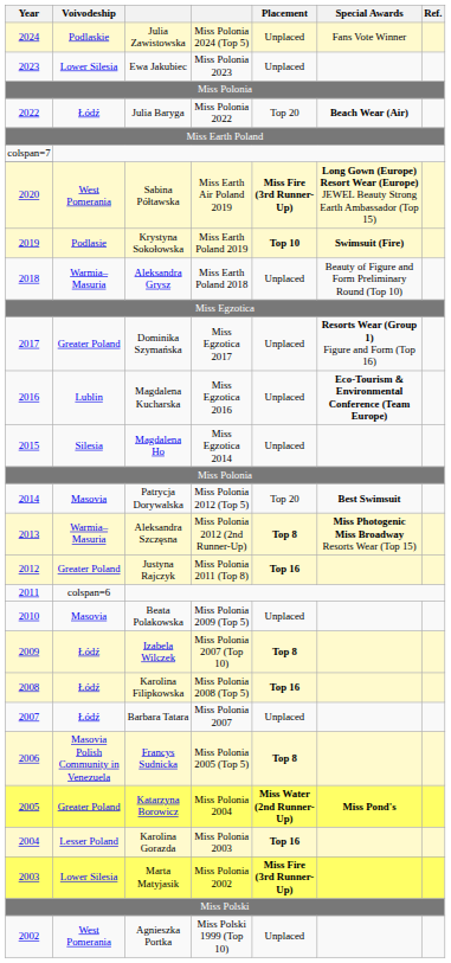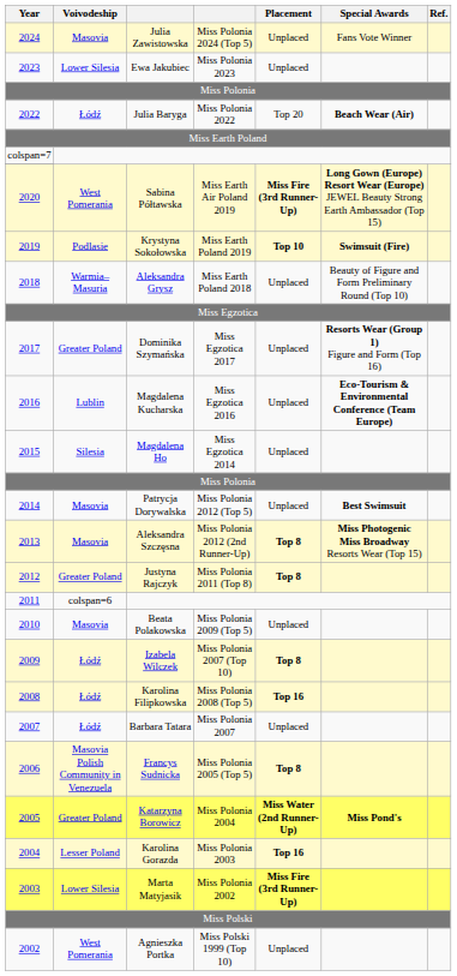 <table class="wikitable " style="font-size: 90%; text-align:center;">
 <tr>
 <th>Year</th>
 <th>Voivodeship</th>
 <th></th>
 <th></th>
 <th>Placement</th>
 <th>Special Awards</th>
 <th>Ref.</th>
 </tr>
 <tr style="background-color:#FFFACD;">
 <td><a href='#'>2024</a></td>
-<td><a href='#'>Podlaskie</a></td>
+<td><a href='#'>Masovia</a></td>
 <td>Julia Zawistowska</td>
 <td>Miss Polonia 2024 (Top 5)</td>
 <td>Unplaced</td>
 <td>Fans Vote Winner</td>
 <td></td>
 </tr>
 <tr>
 <td><a href='#'>2023</a></td>
 <td><a href='#'>Lower Silesia</a></td>
 <td>Ewa Jakubiec</td>
 <td>Miss Polonia 2023</td>
 <td>Unplaced</td>
 <td></td>
 <td></td>
 </tr>
 <tr>
 <td colspan="7" bgcolor="#787878" style="color:#FFFFFF">Miss Polonia</td>
 </tr>
 <tr>
 <td><a href='#'>2022</a></td>
 <td><a href='#'>Łódź</a></td>
 <td>Julia Baryga</td>
 <td>Miss Polonia 2022 </td>
 <td>Top 20</td>
 <td><strong> Beach Wear (Air)</strong></td>
 <td></td>
 </tr>
 <tr>
 <td colspan="7" bgcolor="#787878" style="color:#FFFFFF">Miss Earth Poland</td>
 </tr>
 <tr>
 <td>colspan=7 </td>
 </tr>
 <tr>
 </tr>
 <tr style="background-color:#FFFACD;">
 <td><a href='#'>2020</a></td>
 <td><a href='#'>West Pomerania</a></td>
 <td>Sabina Półtawska</td>
 <td>Miss Earth Air Poland 2019</td>
 <td><strong>Miss Fire (3rd Runner-Up)</strong></td>
 <td><strong> Long Gown (Europe)<br> Resort Wear (Europe)</strong><br>JEWEL Beauty Strong Earth Ambassador (Top 15)</td>
 <td></td>
 </tr>
 <tr style="background-color:#FFFACD;">
 <td><a href='#'>2019</a></td>
 <td><a href='#'>Podlasie</a></td>
 <td>Krystyna Sokołowska</td>
 <td>Miss Earth Poland 2019</td>
 <td><strong>Top 10</strong></td>
 <td><strong> Swimsuit (Fire)</strong></td>
 <td></td>
 </tr>
 <tr>
 <td><a href='#'>2018</a></td>
 <td><a href='#'>Warmia–Masuria</a></td>
 <td><a href='#'>Aleksandra Grysz</a></td>
 <td>Miss Earth Poland 2018</td>
 <td>Unplaced</td>
 <td>Beauty of Figure and Form Preliminary Round (Top 10)</td>
 <td></td>
 </tr>
 <tr>
 <td colspan="7" bgcolor="#787878" style="color:#FFFFFF">Miss Egzotica</td>
 </tr>
 <tr>
 <td><a href='#'>2017</a></td>
 <td><a href='#'>Greater Poland</a></td>
 <td>Dominika Szymańska</td>
 <td>Miss Egzotica 2017</td>
 <td>Unplaced</td>
 <td><strong> Resorts Wear (Group 1)</strong><br>Figure and Form (Top 16)</td>
 <td></td>
 </tr>
 <tr>
 <td><a href='#'>2016</a></td>
 <td><a href='#'>Lublin</a></td>
 <td>Magdalena Kucharska</td>
 <td>Miss Egzotica 2016</td>
 <td>Unplaced</td>
 <td><strong>Eco-Tourism & Environmental Conference (Team Europe)</strong></td>
 <td></td>
 </tr>
 <tr>
 <td><a href='#'>2015</a></td>
 <td><a href='#'>Silesia</a></td>
 <td><a href='#'>Magdalena Ho</a></td>
 <td>Miss Egzotica 2014</td>
 <td>Unplaced</td>
 <td></td>
 <td></td>
 </tr>
 <tr>
 <td colspan="7" bgcolor="#787878" style="color:#FFFFFF">Miss Polonia</td>
 </tr>
 <tr>
 <td><a href='#'>2014</a></td>
 <td><a href='#'>Masovia</a></td>
 <td>Patrycja Dorywalska</td>
 <td>Miss Polonia 2012 (Top 5)</td>
-<td>Top 20</td>
+<td>Unplaced</td>
 <td><strong> Best Swimsuit</strong></td>
 <td></td>
 </tr>
 <tr style="background-color:#FFFACD;">
 <td><a href='#'>2013</a></td>
-<td><a href='#'>Warmia–Masuria</a></td>
+<td><a href='#'>Masovia</a></td>
 <td>Aleksandra Szczęsna</td>
 <td>Miss Polonia 2012 (2nd Runner-Up)</td>
 <td><strong>Top 8</strong></td>
 <td><strong>Miss Photogenic<br>Miss Broadway</strong><br>Resorts Wear (Top 15)</td>
 <td></td>
 </tr>
 <tr style="background-color:#FFFACD;">
 <td><a href='#'>2012</a></td>
 <td><a href='#'>Greater Poland</a></td>
 <td>Justyna Rajczyk</td>
 <td>Miss Polonia 2011 (Top 8)</td>
-<td><strong>Top 16</strong></td>
+<td><strong>Top 8</strong></td>
 <td></td>
 <td></td>
 </tr>
 <tr>
 <td><a href='#'>2011</a></td>
 <td>colspan=6 </td>
 </tr>
 <tr>
 <td><a href='#'>2010</a></td>
 <td><a href='#'>Masovia</a></td>
 <td>Beata Polakowska</td>
 <td>Miss Polonia 2009 (Top 5)</td>
 <td>Unplaced</td>
 <td></td>
 <td></td>
 </tr>
 <tr style="background-color:#FFFACD; ">
 <td><a href='#'>2009</a></td>
 <td><a href='#'>Łódź</a></td>
 <td><a href='#'>Izabela Wilczek</a></td>
 <td>Miss Polonia 2007 (Top 10)</td>
 <td><strong>Top 8</strong></td>
 <td></td>
 <td></td>
 </tr>
 <tr style="background-color:#FFFACD;">
 <td><a href='#'>2008</a></td>
 <td><a href='#'>Łódź</a></td>
 <td>Karolina Filipkowska</td>
 <td>Miss Polonia 2008 (Top 5)</td>
 <td><strong>Top 16</strong></td>
 <td></td>
 <td></td>
 </tr>
 <tr>
 <td><a href='#'>2007</a></td>
 <td><a href='#'>Łódź</a></td>
 <td>Barbara Tatara</td>
 <td>Miss Polonia 2007</td>
 <td>Unplaced</td>
 <td></td>
 <td></td>
 </tr>
 <tr style="background-color:#FFFACD;">
 <td><a href='#'>2006</a></td>
 <td><a href='#'>Masovia</a><br><a href='#'>Polish Community in Venezuela</a></td>
 <td><a href='#'>Francys Sudnicka</a></td>
 <td>Miss Polonia 2005 (Top 5)</td>
 <td><strong>Top 8</strong></td>
 <td></td>
 <td></td>
 </tr>
 <tr style="background-color:#FFFF66;">
 <td><a href='#'>2005</a></td>
 <td><a href='#'>Greater Poland</a></td>
 <td><a href='#'>Katarzyna Borowicz</a></td>
 <td>Miss Polonia 2004</td>
 <td><strong>Miss Water (2nd Runner-Up)</strong></td>
 <td><strong>Miss Pond's</strong></td>
 <td></td>
 </tr>
 <tr style="background-color:#FFFACD;">
 <td><a href='#'>2004</a></td>
 <td><a href='#'>Lesser Poland</a></td>
 <td>Karolina Gorazda</td>
 <td>Miss Polonia 2003</td>
 <td><strong>Top 16</strong></td>
 <td></td>
 <td></td>
 </tr>
 <tr style="background-color:#FFFF66;">
 <td><a href='#'>2003</a></td>
 <td><a href='#'>Lower Silesia</a></td>
 <td>Marta Matyjasik</td>
 <td>Miss Polonia 2002</td>
 <td><strong>Miss Fire (3rd Runner-Up)</strong></td>
 <td></td>
 <td></td>
 </tr>
 <tr>
 <td colspan="7" bgcolor="#787878" style="color:#FFFFFF">Miss Polski</td>
 </tr>
 <tr>
 <td><a href='#'>2002</a></td>
 <td><a href='#'>West Pomerania</a></td>
 <td>Agnieszka Portka</td>
 <td>Miss Polski 1999 (Top 10)</td>
 <td>Unplaced</td>
 <td></td>
 <td></td>
 </tr>
 </table>
